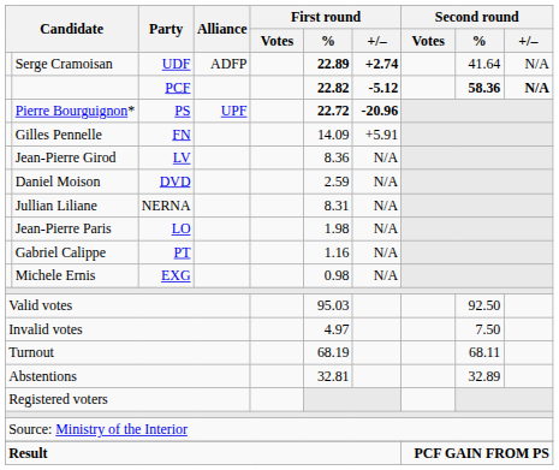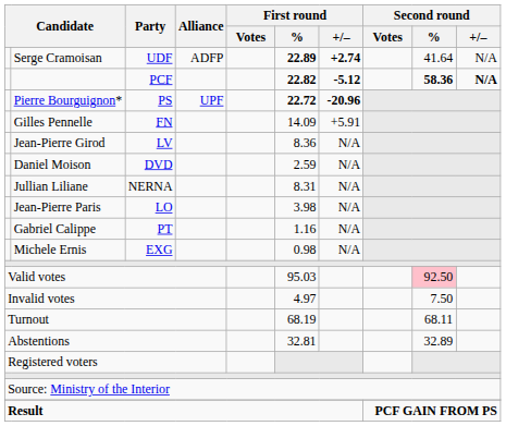 <table class="wikitable" style="text-align:right;font-size:95%;">
 <tr>
 <th rowspan="2" colspan="2">Candidate</th>
 <th rowspan="2">Party</th>
 <th rowspan="2">Alliance</th>
 <th colspan="3">First round</th>
 <th colspan="3">Second round</th>
 </tr>
 <tr>
 <th style="width:50px;">Votes</th>
 <th style="width:45px;">%</th>
 <th style="width:45px;">+/–</th>
 <th style="width:50px;">Votes</th>
 <th style="width:45px;">%</th>
 <th style="width:45px;">+/–</th>
 </tr>
 <tr>
 <td style="color:inherit;background:"></td>
 <td style="text-align:left;">Serge Cramoisan</td>
 <td><a href='#'>UDF</a></td>
 <td>ADFP</td>
 <td><strong></strong> </td>
 <td><strong>22.89</strong></td>
 <td style="color:black;"><strong>+2.74</strong></td>
 <td> </td>
 <td>41.64</td>
 <td>N/A</td>
 </tr>
 <tr>
 <td style="color:inherit;background:"></td>
 <td style="text-align:left;"></td>
 <td><a href='#'>PCF</a></td>
 <td></td>
 <td><strong></strong> </td>
 <td><strong>22.82</strong></td>
 <td style="color:black;"><strong>-5.12</strong></td>
 <td> </td>
 <td><strong>58.36</strong></td>
 <td style="color:black;"><strong>N/A</strong></td>
 </tr>
 <tr>
 <td style="color:inherit;background:"></td>
 <td style="text-align:left;"><a href='#'>Pierre Bourguignon</a>*</td>
 <td><a href='#'>PS</a></td>
 <td><a href='#'>UPF</a></td>
 <td><strong></strong> </td>
 <td><strong>22.72</strong></td>
 <td style="color:black;"><strong>-20.96</strong></td>
 <td colspan="3" style="background:#E9E9E9;"></td>
 </tr>
 <tr>
 <td style="color:inherit;background:"></td>
 <td style="text-align:left;">Gilles Pennelle</td>
 <td><a href='#'>FN</a></td>
 <td></td>
 <td> </td>
 <td>14.09</td>
 <td style="color:black;">+5.91</td>
 <td colspan="3" style="background:#E9E9E9;"></td>
 </tr>
 <tr>
 <td style="color:inherit;background:"></td>
 <td style="text-align:left;">Jean-Pierre Girod</td>
 <td><a href='#'>LV</a></td>
 <td></td>
 <td> </td>
 <td>8.36</td>
 <td style="color:black;">N/A</td>
 <td colspan="3" style="background:#E9E9E9;"></td>
 </tr>
 <tr>
 <td style="color:inherit;background:"></td>
 <td style="text-align:left;">Daniel Moison</td>
 <td><a href='#'>DVD</a></td>
 <td></td>
 <td> </td>
 <td>2.59</td>
 <td style="color:black;">N/A</td>
 <td colspan="3" style="background:#E9E9E9;"></td>
 </tr>
 <tr>
 <td style="color:inherit;background:"></td>
 <td style="text-align:left;">Jullian Liliane</td>
 <td>NERNA</td>
 <td></td>
 <td> </td>
 <td>8.31</td>
 <td style="color:black;">N/A</td>
 <td colspan="3" style="background:#E9E9E9;"></td>
 </tr>
 <tr>
 <td style="color:inherit;background:"></td>
 <td style="text-align:left;">Jean-Pierre Paris</td>
 <td><a href='#'>LO</a></td>
 <td></td>
 <td> </td>
-<td>1.98</td>
+<td>3.98</td>
 <td style="color:black;">N/A</td>
 <td colspan="3" style="background:#E9E9E9;"></td>
 </tr>
 <tr>
 <td style="color:inherit;background:"></td>
 <td style="text-align:left;">Gabriel Calippe</td>
 <td><a href='#'>PT</a></td>
 <td></td>
 <td> </td>
 <td>1.16</td>
 <td style="color:black;">N/A</td>
 <td colspan="3" style="background:#E9E9E9;"></td>
 </tr>
 <tr>
 <td style="color:inherit;background:"></td>
 <td style="text-align:left;">Michele Ernis</td>
 <td><a href='#'>EXG</a></td>
 <td></td>
 <td> </td>
 <td>0.98</td>
 <td style="color:black;">N/A</td>
 <td colspan="3" style="background:#E9E9E9;"></td>
 </tr>
 <tr>
 <td colspan="10" style="background:#E9E9E9;"></td>
 </tr>
 <tr>
 <td colspan="4" style="text-align:left;">Valid votes</td>
 <td></td>
 <td>95.03</td>
 <td></td>
 <td></td>
-<td>92.50</td>
+<td style="background: pink;">92.50</td>
 <td></td>
 </tr>
 <tr>
 <td colspan="4" style="text-align:left;">Invalid votes</td>
 <td></td>
 <td>4.97</td>
 <td></td>
 <td></td>
 <td>7.50</td>
 <td></td>
 </tr>
 <tr>
 <td colspan="4" style="text-align:left;">Turnout</td>
 <td></td>
 <td>68.19</td>
 <td></td>
 <td></td>
 <td>68.11</td>
 <td></td>
 </tr>
 <tr>
 <td colspan="4" style="text-align:left;">Abstentions</td>
 <td></td>
 <td>32.81</td>
 <td></td>
 <td></td>
 <td>32.89</td>
 <td></td>
 </tr>
 <tr>
 <td colspan="4" style="text-align:left;">Registered voters</td>
 <td></td>
 <td colspan="2" style="background:#E9E9E9;"></td>
 <td></td>
 <td colspan="2" style="background:#E9E9E9;"></td>
 </tr>
 <tr>
 <td colspan="10" style="background:#E9E9E9;"></td>
 </tr>
 <tr>
 <td colspan="10" style="text-align:left;">Source: <a href='#'>Ministry of the Interior</a></td>
 </tr>
 <tr>
 </tr>
 <tr style="font-weight:bold">
 <td colspan="7" style="text-align:left;">Result</td>
 <td colspan="7" style="background-color:">PCF GAIN FROM PS</td>
 </tr>
 </table>
